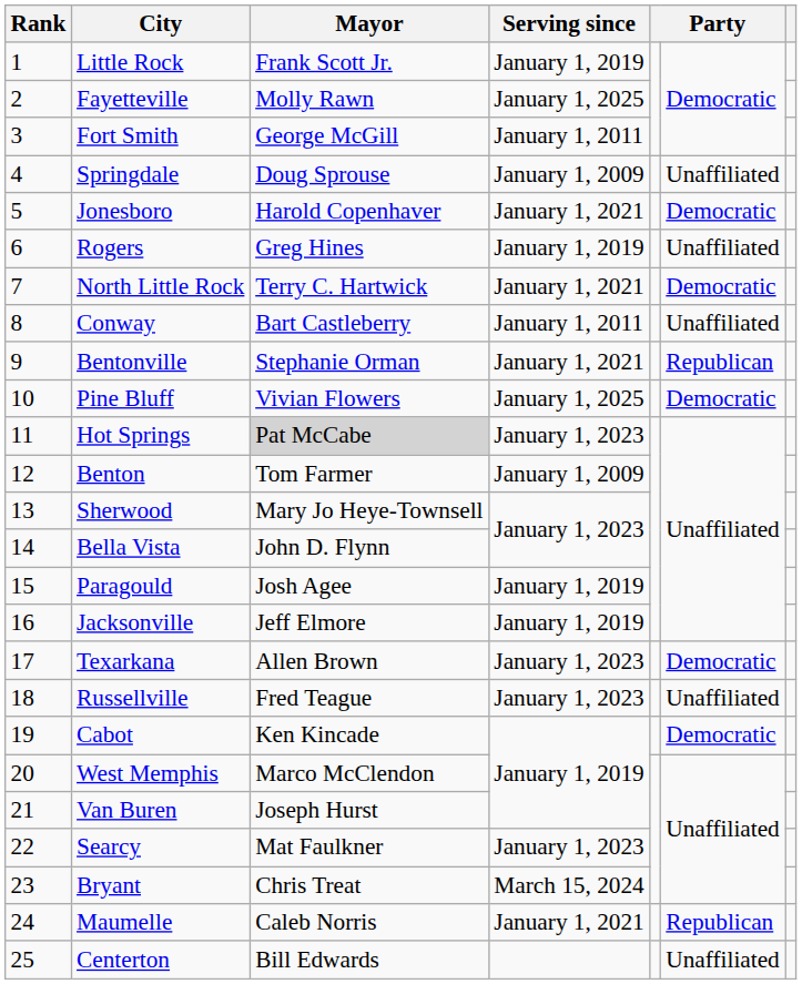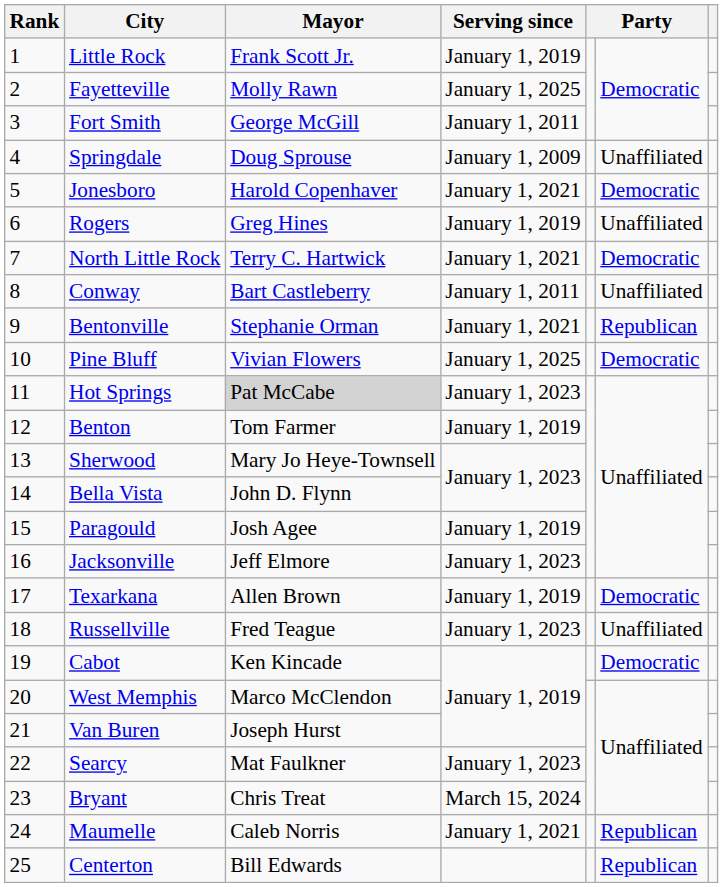 <table class="wikitable sortable">
 <tr>
 <th>Rank</th>
 <th>City</th>
 <th>Mayor</th>
 <th>Serving since</th>
 <th colspan="2">Party</th>
 <th></th>
 </tr>
 <tr>
 <td>1</td>
 <td><a href='#'>Little Rock</a></td>
 <td><a href='#'>Frank Scott Jr.</a></td>
 <td>January 1, 2019</td>
 <td rowspan="3" style="background-color:"></td>
 <td rowspan="3"><a href='#'>Democratic</a></td>
 <td></td>
 </tr>
 <tr>
 <td>2</td>
 <td><a href='#'>Fayetteville</a></td>
 <td><a href='#'>Molly Rawn</a></td>
 <td>January 1, 2025</td>
 <td></td>
 </tr>
 <tr>
 <td>3</td>
 <td><a href='#'>Fort Smith</a></td>
 <td><a href='#'>George McGill</a></td>
 <td>January 1, 2011</td>
 <td></td>
 </tr>
 <tr>
 <td>4</td>
 <td><a href='#'>Springdale</a></td>
 <td><a href='#'>Doug Sprouse</a></td>
 <td>January 1, 2009</td>
 <td style="background-color:"></td>
 <td>Unaffiliated</td>
 <td></td>
 </tr>
 <tr>
 <td>5</td>
 <td><a href='#'>Jonesboro</a></td>
 <td><a href='#'>Harold Copenhaver</a></td>
 <td>January 1, 2021</td>
 <td style="background-color:"></td>
 <td><a href='#'>Democratic</a></td>
 <td></td>
 </tr>
 <tr>
 <td>6</td>
 <td><a href='#'>Rogers</a></td>
 <td><a href='#'>Greg Hines</a></td>
 <td>January 1, 2019</td>
 <td style="background-color:"></td>
 <td>Unaffiliated</td>
 <td></td>
 </tr>
 <tr>
 <td>7</td>
 <td><a href='#'>North Little Rock</a></td>
 <td><a href='#'>Terry C. Hartwick</a></td>
 <td>January 1, 2021</td>
 <td style="background-color:"></td>
 <td><a href='#'>Democratic</a></td>
 <td></td>
 </tr>
 <tr>
 <td>8</td>
 <td><a href='#'>Conway</a></td>
 <td><a href='#'>Bart Castleberry</a></td>
 <td>January 1, 2011</td>
 <td style="background-color:"></td>
 <td>Unaffiliated</td>
 <td></td>
 </tr>
 <tr>
 <td>9</td>
 <td><a href='#'>Bentonville</a></td>
 <td><a href='#'>Stephanie Orman</a></td>
 <td>January 1, 2021</td>
 <td style="background-color:"></td>
 <td><a href='#'>Republican</a></td>
 <td></td>
 </tr>
 <tr>
 <td>10</td>
 <td><a href='#'>Pine Bluff</a></td>
 <td><a href='#'>Vivian Flowers</a></td>
 <td>January 1, 2025</td>
 <td style="background-color:"></td>
 <td><a href='#'>Democratic</a></td>
 <td></td>
 </tr>
 <tr>
 <td>11</td>
 <td><a href='#'>Hot Springs</a></td>
 <td style="background: lightgrey;">Pat McCabe</td>
 <td>January 1, 2023</td>
 <td rowspan="6" style="background-color:"></td>
 <td rowspan="6">Unaffiliated</td>
 <td></td>
 </tr>
 <tr>
 <td>12</td>
 <td><a href='#'>Benton</a></td>
 <td>Tom Farmer</td>
-<td>January 1, 2009</td>
+<td>January 1, 2019</td>
 <td></td>
 </tr>
 <tr>
 <td>13</td>
 <td><a href='#'>Sherwood</a></td>
 <td>Mary Jo Heye-Townsell</td>
 <td rowspan="2">January 1, 2023</td>
 <td></td>
 </tr>
 <tr>
 <td>14</td>
 <td><a href='#'>Bella Vista</a></td>
 <td>John D. Flynn</td>
 <td></td>
 </tr>
 <tr>
 <td>15</td>
 <td><a href='#'>Paragould</a></td>
 <td>Josh Agee</td>
 <td>January 1, 2019</td>
 <td></td>
 </tr>
 <tr>
 <td>16</td>
 <td><a href='#'>Jacksonville</a></td>
 <td>Jeff Elmore</td>
-<td>January 1, 2019</td>
+<td>January 1, 2023</td>
 <td></td>
 </tr>
 <tr>
 <td>17</td>
 <td><a href='#'>Texarkana</a></td>
 <td>Allen Brown</td>
-<td>January 1, 2023</td>
+<td>January 1, 2019</td>
 <td style="background-color:"></td>
 <td><a href='#'>Democratic</a></td>
 <td></td>
 </tr>
 <tr>
 <td>18</td>
 <td><a href='#'>Russellville</a></td>
 <td>Fred Teague</td>
 <td>January 1, 2023</td>
 <td style="background-color:"></td>
 <td>Unaffiliated</td>
 <td></td>
 </tr>
 <tr>
 <td>19</td>
 <td><a href='#'>Cabot</a></td>
 <td>Ken Kincade</td>
 <td rowspan="3">January 1, 2019</td>
 <td style="background-color:"></td>
 <td><a href='#'>Democratic</a></td>
 <td></td>
 </tr>
 <tr>
 <td>20</td>
 <td><a href='#'>West Memphis</a></td>
 <td>Marco McClendon</td>
 <td rowspan="4" style="background-color:"></td>
 <td rowspan="4">Unaffiliated</td>
 <td></td>
 </tr>
 <tr>
 <td>21</td>
 <td><a href='#'>Van Buren</a></td>
 <td>Joseph Hurst</td>
 <td></td>
 </tr>
 <tr>
 <td>22</td>
 <td><a href='#'>Searcy</a></td>
 <td>Mat Faulkner</td>
 <td>January 1, 2023</td>
 <td></td>
 </tr>
 <tr>
 <td>23</td>
 <td><a href='#'>Bryant</a></td>
 <td>Chris Treat</td>
 <td>March 15, 2024</td>
 <td></td>
 </tr>
 <tr>
 <td>24</td>
 <td><a href='#'>Maumelle</a></td>
 <td>Caleb Norris</td>
 <td>January 1, 2021</td>
 <td style="background-color:"></td>
 <td><a href='#'>Republican</a></td>
 <td></td>
 </tr>
 <tr>
 <td>25</td>
 <td><a href='#'>Centerton</a></td>
 <td>Bill Edwards</td>
 <td></td>
 <td style="background-color:"></td>
-<td>Unaffiliated</td>
+<td><a href='#'>Republican</a></td>
 <td></td>
 </tr>
 </table>
